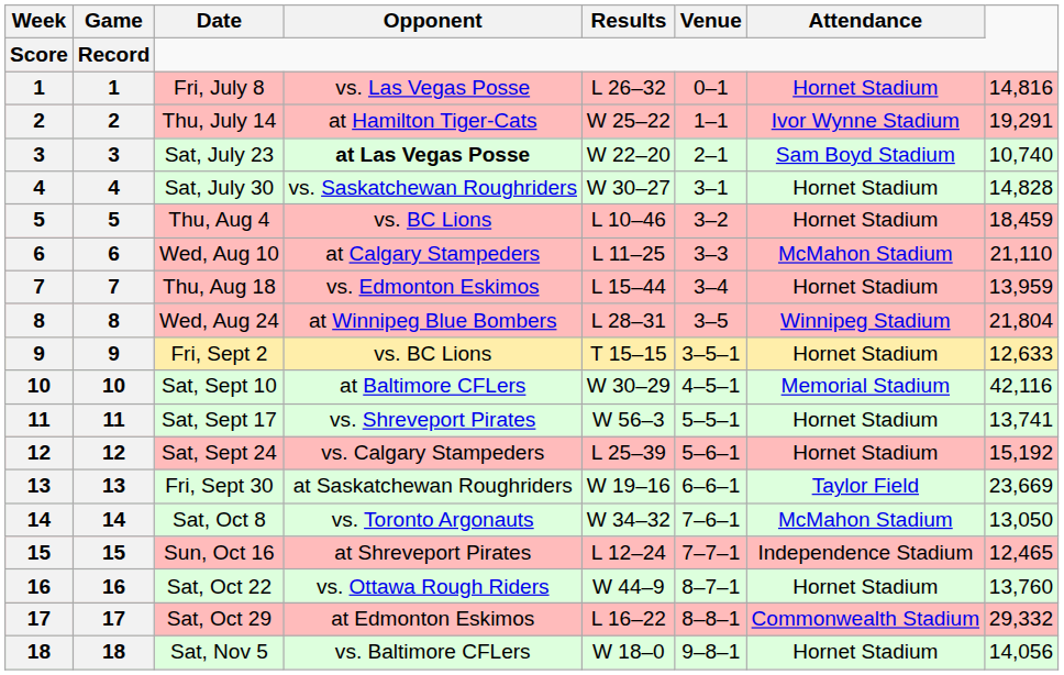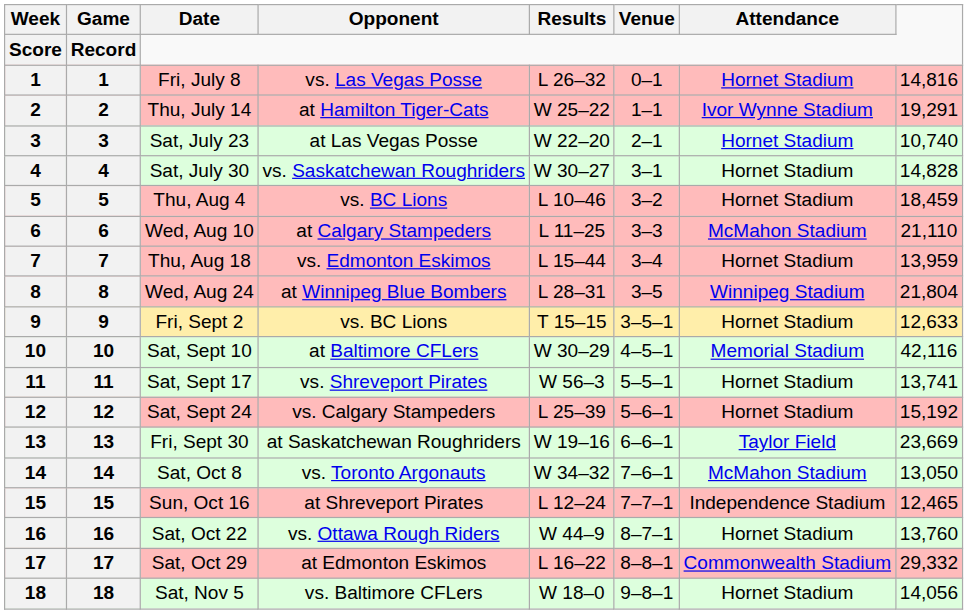 <table class="wikitable" style="text-align:center">
 <tr>
 <th>Week</th>
 <th>Game</th>
 <th>Date</th>
 <th>Opponent</th>
 <th>Results</th>
 <th>Venue</th>
 <th>Attendance</th>
 </tr>
 <tr>
 <th>Score</th>
 <th>Record</th>
 </tr>
 <tr style="background:#ffbbbb">
 <th>1</th>
 <th>1</th>
 <td>Fri, July 8</td>
 <td>vs. <a href='#'>Las Vegas Posse</a></td>
 <td>L 26–32</td>
 <td>0–1</td>
 <td><a href='#'>Hornet Stadium</a></td>
 <td>14,816</td>
 </tr>
 <tr style="background:#ffbbbb">
 <th>2</th>
 <th>2</th>
 <td>Thu, July 14</td>
 <td>at <a href='#'>Hamilton Tiger-Cats</a></td>
 <td>W 25–22</td>
 <td>1–1</td>
 <td><a href='#'>Ivor Wynne Stadium</a></td>
 <td>19,291</td>
 </tr>
 <tr style="background:#ddffdd">
 <th>3</th>
 <th>3</th>
 <td>Sat, July 23</td>
-<td><strong>at Las Vegas Posse</strong></td>
+<td>at Las Vegas Posse</td>
 <td>W 22–20</td>
 <td>2–1</td>
-<td><a href='#'>Sam Boyd Stadium</a></td>
+<td><a href='#'>Hornet Stadium</a></td>
 <td>10,740</td>
 </tr>
 <tr style="background:#ddffdd">
 <th>4</th>
 <th>4</th>
 <td>Sat, July 30</td>
 <td>vs. <a href='#'>Saskatchewan Roughriders</a></td>
 <td>W 30–27</td>
 <td>3–1</td>
 <td>Hornet Stadium</td>
 <td>14,828</td>
 </tr>
 <tr style="background:#ffbbbb">
 <th>5</th>
 <th>5</th>
 <td>Thu, Aug 4</td>
 <td>vs. <a href='#'>BC Lions</a></td>
 <td>L 10–46</td>
 <td>3–2</td>
 <td>Hornet Stadium</td>
 <td>18,459</td>
 </tr>
 <tr style="background:#ffbbbb">
 <th>6</th>
 <th>6</th>
 <td>Wed, Aug 10</td>
 <td>at <a href='#'>Calgary Stampeders</a></td>
 <td>L 11–25</td>
 <td>3–3</td>
 <td><a href='#'>McMahon Stadium</a></td>
 <td>21,110</td>
 </tr>
 <tr style="background:#ffbbbb">
 <th>7</th>
 <th>7</th>
 <td>Thu, Aug 18</td>
 <td>vs. <a href='#'>Edmonton Eskimos</a></td>
 <td>L 15–44</td>
 <td>3–4</td>
 <td>Hornet Stadium</td>
 <td>13,959</td>
 </tr>
 <tr style="background:#ffbbbb">
 <th>8</th>
 <th>8</th>
 <td>Wed, Aug 24</td>
 <td>at <a href='#'>Winnipeg Blue Bombers</a></td>
 <td>L 28–31</td>
 <td>3–5</td>
 <td><a href='#'>Winnipeg Stadium</a></td>
 <td>21,804</td>
 </tr>
 <tr style="background:#ffeeaa">
 <th>9</th>
 <th>9</th>
 <td>Fri, Sept 2</td>
 <td>vs. BC Lions</td>
 <td>T 15–15</td>
 <td>3–5–1</td>
 <td>Hornet Stadium</td>
 <td>12,633</td>
 </tr>
 <tr style="background:#ddffdd">
 <th>10</th>
 <th>10</th>
 <td>Sat, Sept 10</td>
 <td>at <a href='#'>Baltimore CFLers</a></td>
 <td>W 30–29</td>
 <td>4–5–1</td>
 <td><a href='#'>Memorial Stadium</a></td>
 <td>42,116</td>
 </tr>
 <tr style="background:#ddffdd">
 <th>11</th>
 <th>11</th>
 <td>Sat, Sept 17</td>
 <td>vs. <a href='#'>Shreveport Pirates</a></td>
 <td>W 56–3</td>
 <td>5–5–1</td>
 <td>Hornet Stadium</td>
 <td>13,741</td>
 </tr>
 <tr style="background:#ffbbbb">
 <th>12</th>
 <th>12</th>
 <td>Sat, Sept 24</td>
 <td>vs. Calgary Stampeders</td>
 <td>L 25–39</td>
 <td>5–6–1</td>
 <td>Hornet Stadium</td>
 <td>15,192</td>
 </tr>
 <tr style="background:#ddffdd">
 <th>13</th>
 <th>13</th>
 <td>Fri, Sept 30</td>
 <td>at Saskatchewan Roughriders</td>
 <td>W 19–16</td>
 <td>6–6–1</td>
 <td><a href='#'>Taylor Field</a></td>
 <td>23,669</td>
 </tr>
 <tr style="background:#ddffdd">
 <th>14</th>
 <th>14</th>
 <td>Sat, Oct 8</td>
 <td>vs. <a href='#'>Toronto Argonauts</a></td>
 <td>W 34–32</td>
 <td>7–6–1</td>
 <td><a href='#'>McMahon Stadium</a></td>
 <td>13,050</td>
 </tr>
 <tr style="background:#ffbbbb">
 <th>15</th>
 <th>15</th>
 <td>Sun, Oct 16</td>
 <td>at Shreveport Pirates</td>
 <td>L 12–24</td>
 <td>7–7–1</td>
 <td>Independence Stadium</td>
 <td>12,465</td>
 </tr>
 <tr style="background:#ddffdd">
 <th>16</th>
 <th>16</th>
 <td>Sat, Oct 22</td>
 <td>vs. <a href='#'>Ottawa Rough Riders</a></td>
 <td>W 44–9</td>
 <td>8–7–1</td>
 <td>Hornet Stadium</td>
 <td>13,760</td>
 </tr>
 <tr style="background:#ffbbbb">
 <th>17</th>
 <th>17</th>
 <td>Sat, Oct 29</td>
 <td>at Edmonton Eskimos</td>
 <td>L 16–22</td>
 <td>8–8–1</td>
 <td><a href='#'>Commonwealth Stadium</a></td>
 <td>29,332</td>
 </tr>
 <tr style="background:#ddffdd">
 <th>18</th>
 <th>18</th>
 <td>Sat, Nov 5</td>
 <td>vs. Baltimore CFLers</td>
 <td>W 18–0</td>
 <td>9–8–1</td>
 <td>Hornet Stadium</td>
 <td>14,056</td>
 </tr>
 </table>
